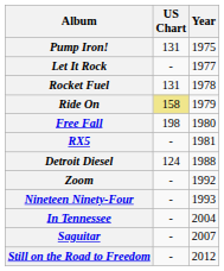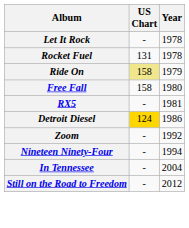 <table class="wikitable" style="text-align:center;">
 <tr>
 <th>Album</th>
 <th>US<br>Chart </th>
 <th>Year</th>
 </tr>
 <tr>
-<th><em>Pump Iron!</em></th>
-<td>131</td>
-<td>1975</td>
-</tr>
-<tr>
 <th><em>Let It Rock</em></th>
 <td>-</td>
-<td>1977</td>
+<td>1978</td>
 </tr>
 <tr>
 <th><em>Rocket Fuel</em></th>
 <td>131</td>
 <td>1978</td>
 </tr>
 <tr>
 <th><em>Ride On</em></th>
 <td style="background: khaki;">158</td>
 <td>1979</td>
 </tr>
 <tr>
 <th><em><a href='#'>Free Fall</a></em></th>
-<td>198</td>
+<td>158</td>
 <td>1980</td>
 </tr>
 <tr>
 <th><em><a href='#'>RX5</a></em></th>
 <td>-</td>
 <td>1981</td>
 </tr>
 <tr>
 <th><em>Detroit Diesel</em></th>
-<td>124</td>
-<td>1988</td>
+<td style="background: gold;">124</td>
+<td>1986</td>
 </tr>
 <tr>
 <th><em>Zoom</em></th>
 <td>-</td>
 <td>1992</td>
 </tr>
 <tr>
 <th><em><a href='#'>Nineteen Ninety-Four</a></em></th>
 <td>-</td>
-<td>1993</td>
+<td>1994</td>
 </tr>
 <tr>
 <th><em><a href='#'>In Tennessee</a></em></th>
 <td>-</td>
 <td>2004</td>
 </tr>
 <tr>
-<th><em><a href='#'>Saguitar</a></em></th>
-<td>-</td>
-<td>2007</td>
-</tr>
-<tr>
 <th><em><a href='#'>Still on the Road to Freedom</a></em></th>
 <td>-</td>
 <td>2012</td>
 </tr>
 </table>
